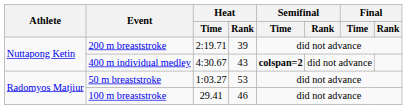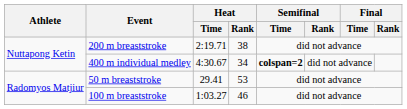 <table class=wikitable style="font-size:90%">
 <tr>
 <th rowspan="2">Athlete</th>
 <th rowspan="2">Event</th>
 <th colspan="2">Heat</th>
 <th colspan="2">Semifinal</th>
 <th colspan="2">Final</th>
 </tr>
 <tr style="font-size:95%">
 <th>Time</th>
 <th>Rank</th>
 <th>Time</th>
 <th>Rank</th>
 <th>Time</th>
 <th>Rank</th>
 </tr>
 <tr align=center>
 <td align=left rowspan=2><a href='#'>Nuttapong Ketin</a></td>
 <td align=left><a href='#'>200 m breaststroke</a></td>
 <td>2:19.71</td>
-<td>39</td>
+<td>38</td>
 <td colspan=4>did not advance</td>
 </tr>
 <tr align=center>
 <td align=left><a href='#'>400 m individual medley</a></td>
 <td>4:30.67</td>
-<td>43</td>
+<td>34</td>
 <td><strong>colspan=2 </strong></td>
 <td colspan=2>did not advance</td>
 </tr>
 <tr align=center>
 <td align=left rowspan=2><a href='#'>Radomyos Matjiur</a></td>
 <td align=left><a href='#'>50 m breaststroke</a></td>
-<td>1:03.27</td>
+<td>29.41</td>
 <td>53</td>
 <td colspan=4>did not advance</td>
 </tr>
 <tr align=center>
 <td align=left><a href='#'>100 m breaststroke</a></td>
-<td>29.41</td>
+<td>1:03.27</td>
 <td>46</td>
 <td colspan=4>did not advance</td>
 </tr>
 </table>
